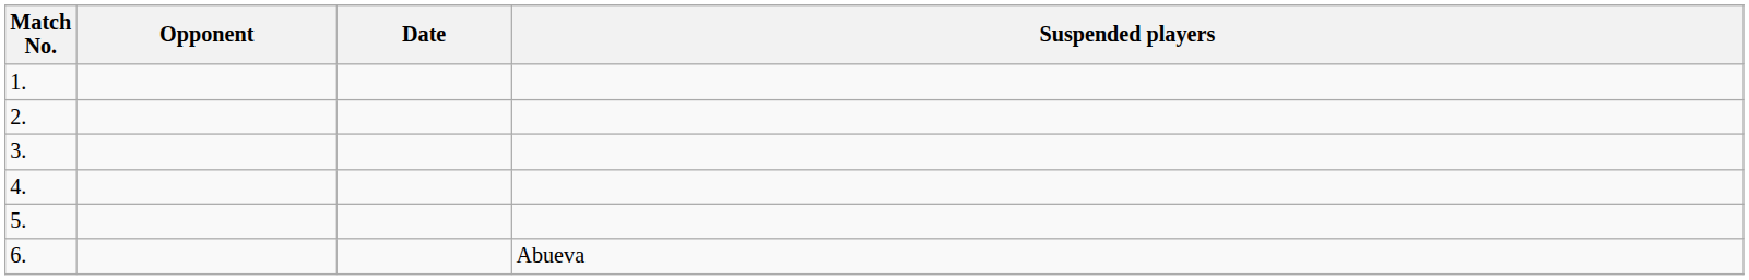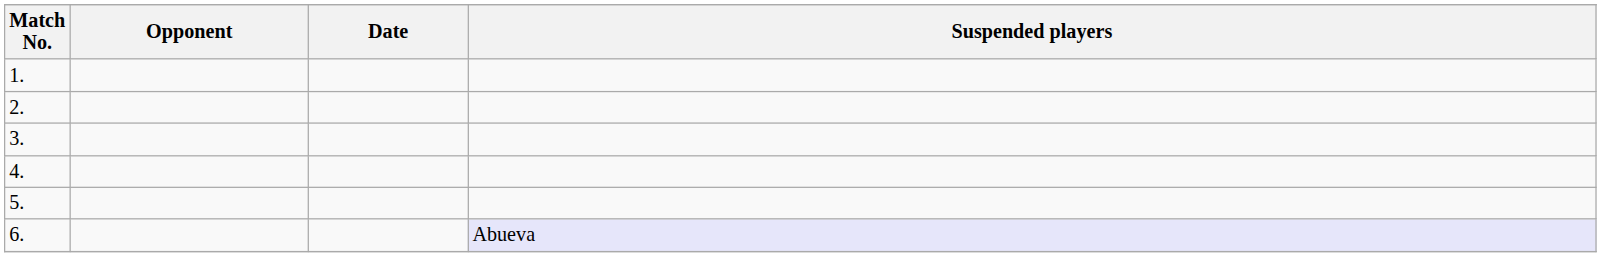 <table class="wikitable"  width=100%>
 <tr>
 </tr>
 <tr>
 <th width=2%>Match<br>No.</th>
 <th width=15%>Opponent</th>
 <th width=10%>Date</th>
 <th>Suspended players</th>
 </tr>
 <tr>
 <td>1.</td>
 <td></td>
 <td></td>
 <td></td>
 </tr>
 <tr>
 <td>2.</td>
 <td></td>
 <td></td>
 <td></td>
 </tr>
 <tr>
 <td>3.</td>
 <td></td>
 <td></td>
 <td></td>
 </tr>
 <tr>
 <td>4.</td>
 <td></td>
 <td></td>
 <td></td>
 </tr>
 <tr>
 <td>5.</td>
 <td></td>
 <td></td>
 <td></td>
 </tr>
 <tr>
 <td>6.</td>
 <td></td>
 <td></td>
-<td>Abueva</td>
+<td style="background: lavender;">Abueva</td>
 </tr>
 <tr>
 </tr>
 </table>
